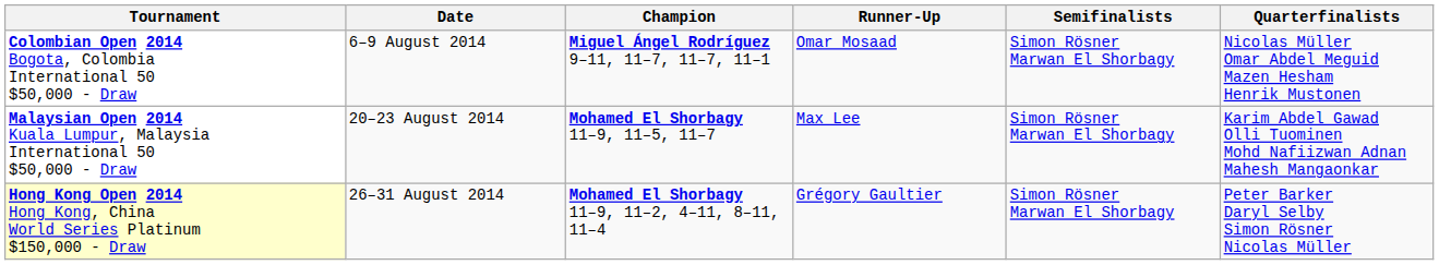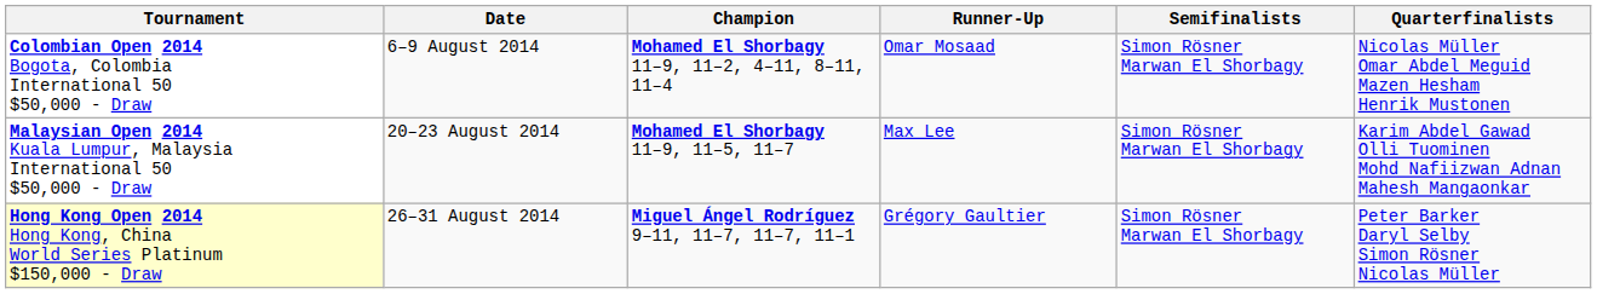 <table class="wikitable" style="font-size:88%">
 <tr>
 <th width=250>Tournament</th>
 <th width=160>Date</th>
 <th width=165>Champion</th>
 <th width=155>Runner-Up</th>
 <th width=155>Semifinalists</th>
 <th width=155>Quarterfinalists</th>
 </tr>
 <tr valign=top>
 <td style="background:#fff;"><strong><a href='#'>Colombian Open</a> <a href='#'>2014</a></strong><br> <a href='#'>Bogota</a>, Colombia<br>International 50<br>$50,000 - <a href='#'>Draw</a></td>
 <td>6–9 August 2014</td>
-<td> <strong><a href='#'>Miguel Ángel Rodríguez</a></strong><br> 9–11, 11–7, 11–7, 11–1</td>
+<td> <strong><a href='#'>Mohamed El Shorbagy</a></strong><br>11–9, 11–2, 4–11, 8–11, 11–4</td>
 <td> <a href='#'>Omar Mosaad</a></td>
 <td> <a href='#'>Simon Rösner</a><br> <a href='#'>Marwan El Shorbagy</a></td>
 <td> <a href='#'>Nicolas Müller</a><br> <a href='#'>Omar Abdel Meguid</a><br> <a href='#'>Mazen Hesham</a><br> <a href='#'>Henrik Mustonen</a></td>
 </tr>
 <tr valign=top>
 <td style="background:#fff;"><strong><a href='#'>Malaysian Open</a> <a href='#'>2014</a></strong><br> <a href='#'>Kuala Lumpur</a>, Malaysia<br>International 50<br>$50,000 - <a href='#'>Draw</a></td>
 <td>20–23 August 2014</td>
 <td> <strong><a href='#'>Mohamed El Shorbagy</a></strong><br> 11–9, 11–5, 11–7</td>
 <td> <a href='#'>Max Lee</a></td>
 <td> <a href='#'>Simon Rösner</a><br> <a href='#'>Marwan El Shorbagy</a></td>
 <td> <a href='#'>Karim Abdel Gawad</a><br> <a href='#'>Olli Tuominen</a><br> <a href='#'>Mohd Nafiizwan Adnan</a><br> <a href='#'>Mahesh Mangaonkar</a></td>
 </tr>
 <tr valign=top>
 <td style="background:#ffc;"><strong><a href='#'>Hong Kong Open</a> <a href='#'>2014</a></strong><br> <a href='#'>Hong Kong</a>, China<br><a href='#'>World Series</a> Platinum<br>$150,000 - <a href='#'>Draw</a></td>
 <td>26–31 August 2014</td>
-<td> <strong><a href='#'>Mohamed El Shorbagy</a></strong><br>11–9, 11–2, 4–11, 8–11, 11–4</td>
+<td> <strong><a href='#'>Miguel Ángel Rodríguez</a></strong><br> 9–11, 11–7, 11–7, 11–1</td>
 <td> <a href='#'>Grégory Gaultier</a></td>
 <td> <a href='#'>Simon Rösner</a><br> <a href='#'>Marwan El Shorbagy</a></td>
 <td> <a href='#'>Peter Barker</a><br> <a href='#'>Daryl Selby</a><br> <a href='#'>Simon Rösner</a><br> <a href='#'>Nicolas Müller</a></td>
 </tr>
 </table>
